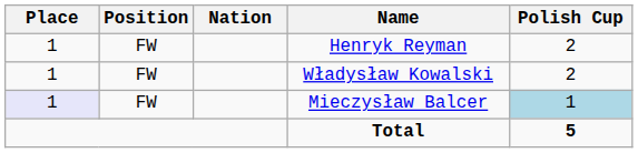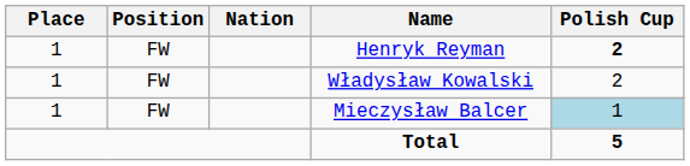 <table class="wikitable" style="font-size: 95%; text-align: center;">
 <tr>
 <th width=60>Place</th>
 <th width=60>Position</th>
 <th width=60>Nation</th>
 <th width=150>Name</th>
 <th width=80>Polish Cup</th>
 </tr>
 <tr>
 <td>1</td>
 <td>FW</td>
 <td></td>
 <td><a href='#'>Henryk Reyman</a></td>
-<td>2</td>
+<td><strong>2</strong></td>
 </tr>
 <tr>
 <td>1</td>
 <td>FW</td>
 <td></td>
 <td><a href='#'>Władysław Kowalski</a></td>
 <td>2</td>
 </tr>
 <tr>
-<td style="background: lavender;">1</td>
+<td>1</td>
 <td>FW</td>
 <td></td>
 <td><a href='#'>Mieczysław Balcer</a></td>
 <td style="background: lightblue;">1</td>
 </tr>
 <tr>
 <td colspan="3"></td>
 <td><strong>Total</strong></td>
 <td><strong>5</strong></td>
 </tr>
 </table>
